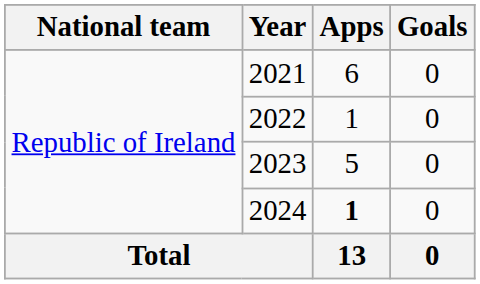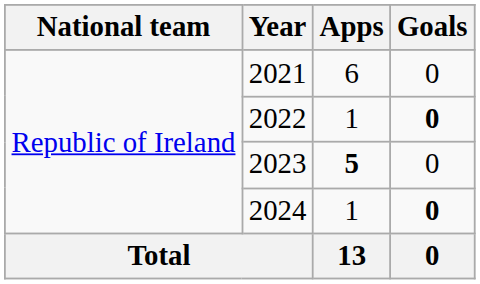 <table class=wikitable style=text-align:center>
 <tr>
 <th>National team</th>
 <th>Year</th>
 <th>Apps</th>
 <th>Goals</th>
 </tr>
 <tr>
 <td rowspan="4"><a href='#'>Republic of Ireland</a></td>
 <td>2021</td>
 <td>6</td>
 <td>0</td>
 </tr>
 <tr>
 <td>2022</td>
 <td>1</td>
-<td>0</td>
+<td><strong>0</strong></td>
 </tr>
 <tr>
 <td>2023</td>
-<td>5</td>
+<td><strong>5</strong></td>
 <td>0</td>
 </tr>
 <tr>
 <td>2024</td>
-<td><strong>1</strong></td>
-<td>0</td>
+<td>1</td>
+<td><strong>0</strong></td>
 </tr>
 <tr>
 <th colspan="2">Total</th>
 <th>13</th>
 <th>0</th>
 </tr>
 </table>
